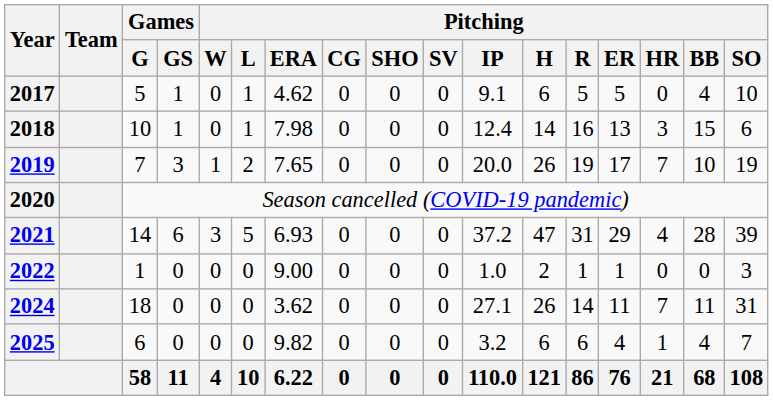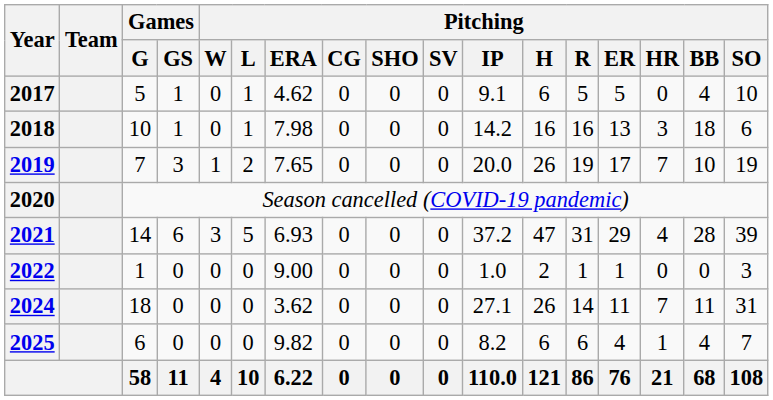 <table class="wikitable" style="text-align:center;">
 <tr>
 <th rowspan="2">Year</th>
 <th rowspan="2">Team</th>
 <th colspan="2">Games</th>
 <th colspan="13">Pitching</th>
 </tr>
 <tr>
 <th>G</th>
 <th>GS</th>
 <th>W</th>
 <th>L</th>
 <th>ERA</th>
 <th>CG</th>
 <th>SHO</th>
 <th>SV</th>
 <th>IP</th>
 <th>H</th>
 <th>R</th>
 <th>ER</th>
 <th>HR</th>
 <th>BB</th>
 <th>SO</th>
 </tr>
 <tr>
 <th>2017</th>
 <th><a href='#'></a></th>
 <td>5</td>
 <td>1</td>
 <td>0</td>
 <td>1</td>
 <td>4.62</td>
 <td>0</td>
 <td>0</td>
 <td>0</td>
 <td>9.1</td>
 <td>6</td>
 <td>5</td>
 <td>5</td>
 <td>0</td>
 <td>4</td>
 <td>10</td>
 </tr>
 <tr>
 <th>2018</th>
 <th><a href='#'></a></th>
 <td>10</td>
 <td>1</td>
 <td>0</td>
 <td>1</td>
 <td>7.98</td>
 <td>0</td>
 <td>0</td>
 <td>0</td>
-<td>12.4</td>
-<td>14</td>
+<td>14.2</td>
+<td>16</td>
 <td>16</td>
 <td>13</td>
 <td>3</td>
-<td>15</td>
+<td>18</td>
 <td>6</td>
 </tr>
 <tr>
 <th><a href='#'>2019</a></th>
 <th><a href='#'></a></th>
 <td>7</td>
 <td>3</td>
 <td>1</td>
 <td>2</td>
 <td>7.65</td>
 <td>0</td>
 <td>0</td>
 <td>0</td>
 <td>20.0</td>
 <td>26</td>
 <td>19</td>
 <td>17</td>
 <td>7</td>
 <td>10</td>
 <td>19</td>
 </tr>
 <tr>
 <th>2020</th>
 <th><a href='#'></a></th>
 <td colspan="15"><em>Season cancelled (<a href='#'>COVID-19 pandemic</a>)</em></td>
 </tr>
 <tr>
 <th><a href='#'>2021</a></th>
 <th><a href='#'></a></th>
 <td>14</td>
 <td>6</td>
 <td>3</td>
 <td>5</td>
 <td>6.93</td>
 <td>0</td>
 <td>0</td>
 <td>0</td>
 <td>37.2</td>
 <td>47</td>
 <td>31</td>
 <td>29</td>
 <td>4</td>
 <td>28</td>
 <td>39</td>
 </tr>
 <tr>
 <th><a href='#'>2022</a></th>
 <th><a href='#'></a></th>
 <td>1</td>
 <td>0</td>
 <td>0</td>
 <td>0</td>
 <td>9.00</td>
 <td>0</td>
 <td>0</td>
 <td>0</td>
 <td>1.0</td>
 <td>2</td>
 <td>1</td>
 <td>1</td>
 <td>0</td>
 <td>0</td>
 <td>3</td>
 </tr>
 <tr>
 <th><a href='#'>2024</a></th>
 <th><a href='#'></a></th>
 <td>18</td>
 <td>0</td>
 <td>0</td>
 <td>0</td>
 <td>3.62</td>
 <td>0</td>
 <td>0</td>
 <td>0</td>
 <td>27.1</td>
 <td>26</td>
 <td>14</td>
 <td>11</td>
 <td>7</td>
 <td>11</td>
 <td>31</td>
 </tr>
 <tr>
 <th><a href='#'>2025</a></th>
 <th><a href='#'></a></th>
 <td>6</td>
 <td>0</td>
 <td>0</td>
 <td>0</td>
 <td>9.82</td>
 <td>0</td>
 <td>0</td>
 <td>0</td>
-<td>3.2</td>
+<td>8.2</td>
 <td>6</td>
 <td>6</td>
 <td>4</td>
 <td>1</td>
 <td>4</td>
 <td>7</td>
 </tr>
 <tr>
 <th align=center colspan="2"></th>
 <th>58</th>
 <th>11</th>
 <th>4</th>
 <th>10</th>
 <th>6.22</th>
 <th>0</th>
 <th>0</th>
 <th>0</th>
 <th>110.0</th>
 <th>121</th>
 <th>86</th>
 <th>76</th>
 <th>21</th>
 <th>68</th>
 <th>108</th>
 </tr>
 </table>
